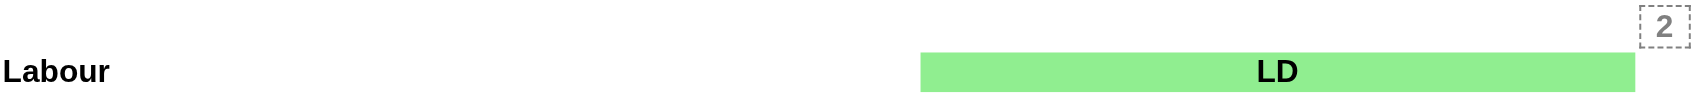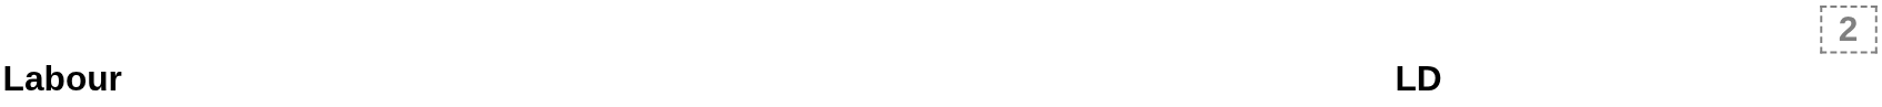 <table style="width:100%; text-align:center;">
 <tr style="color:white;">
 <td style="background:"><strong>92</strong></td>
 <td style="background:"><strong>2</strong></td>
 <td style="color:grey; background:white; width: 2.1%; border: 1px dashed grey"><strong>2</strong></td>
 </tr>
 <tr>
 <td><span><strong>Labour</strong></span></td>
-<td style="background: lightgreen;"><span><strong>LD</strong></span></td>
+<td><span><strong>LD</strong></span></td>
 <td><span></span></td>
 </tr>
 </table>
